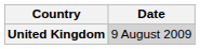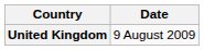 <table class="wikitable plainrowheaders">
 <tr>
 <th scope="col">Country</th>
 <th scope="col">Date</th>
 </tr>
 <tr>
 <th scope="row">United Kingdom</th>
-<td style="background: lightgrey;">9 August 2009</td>
+<td>9 August 2009</td>
 </tr>
 </table>
